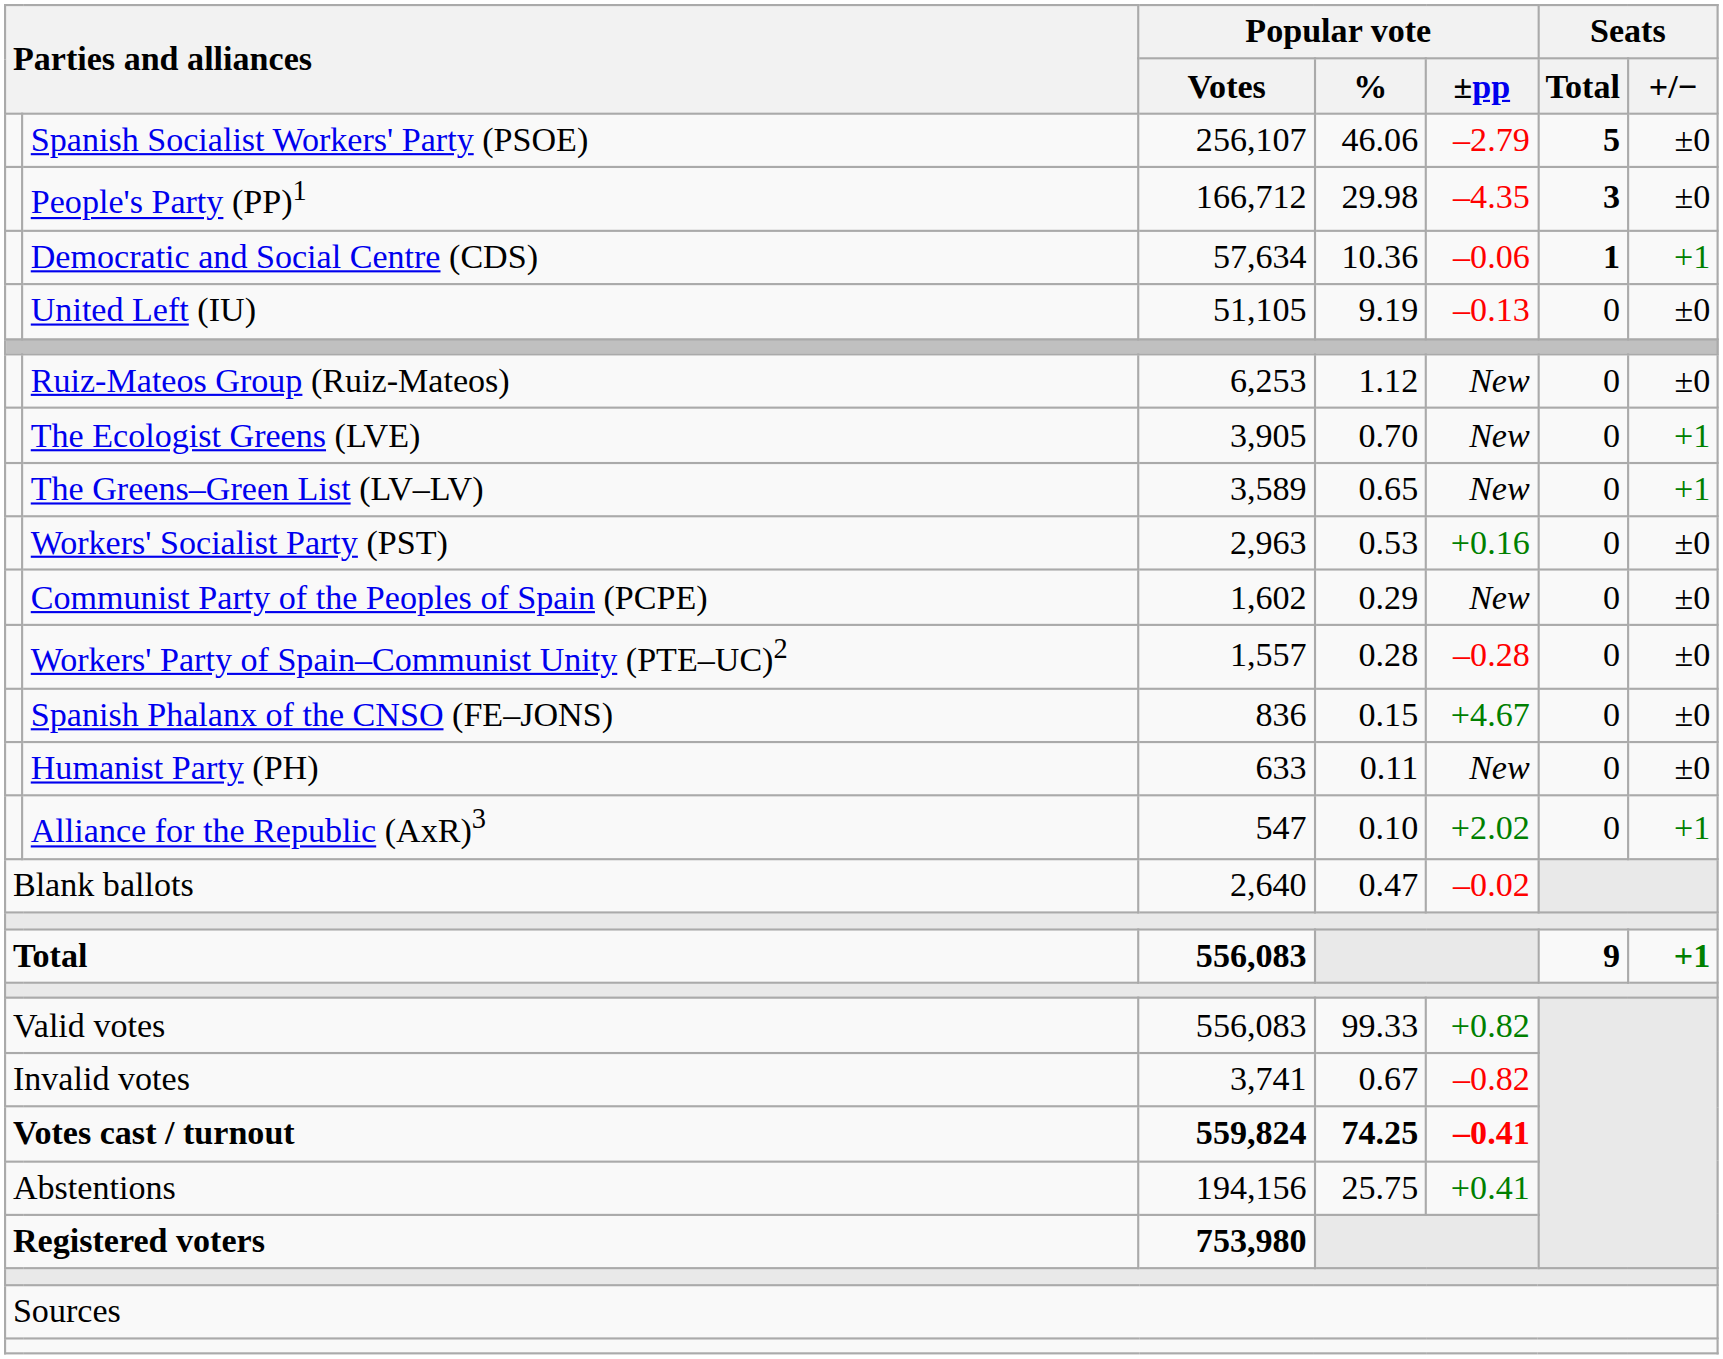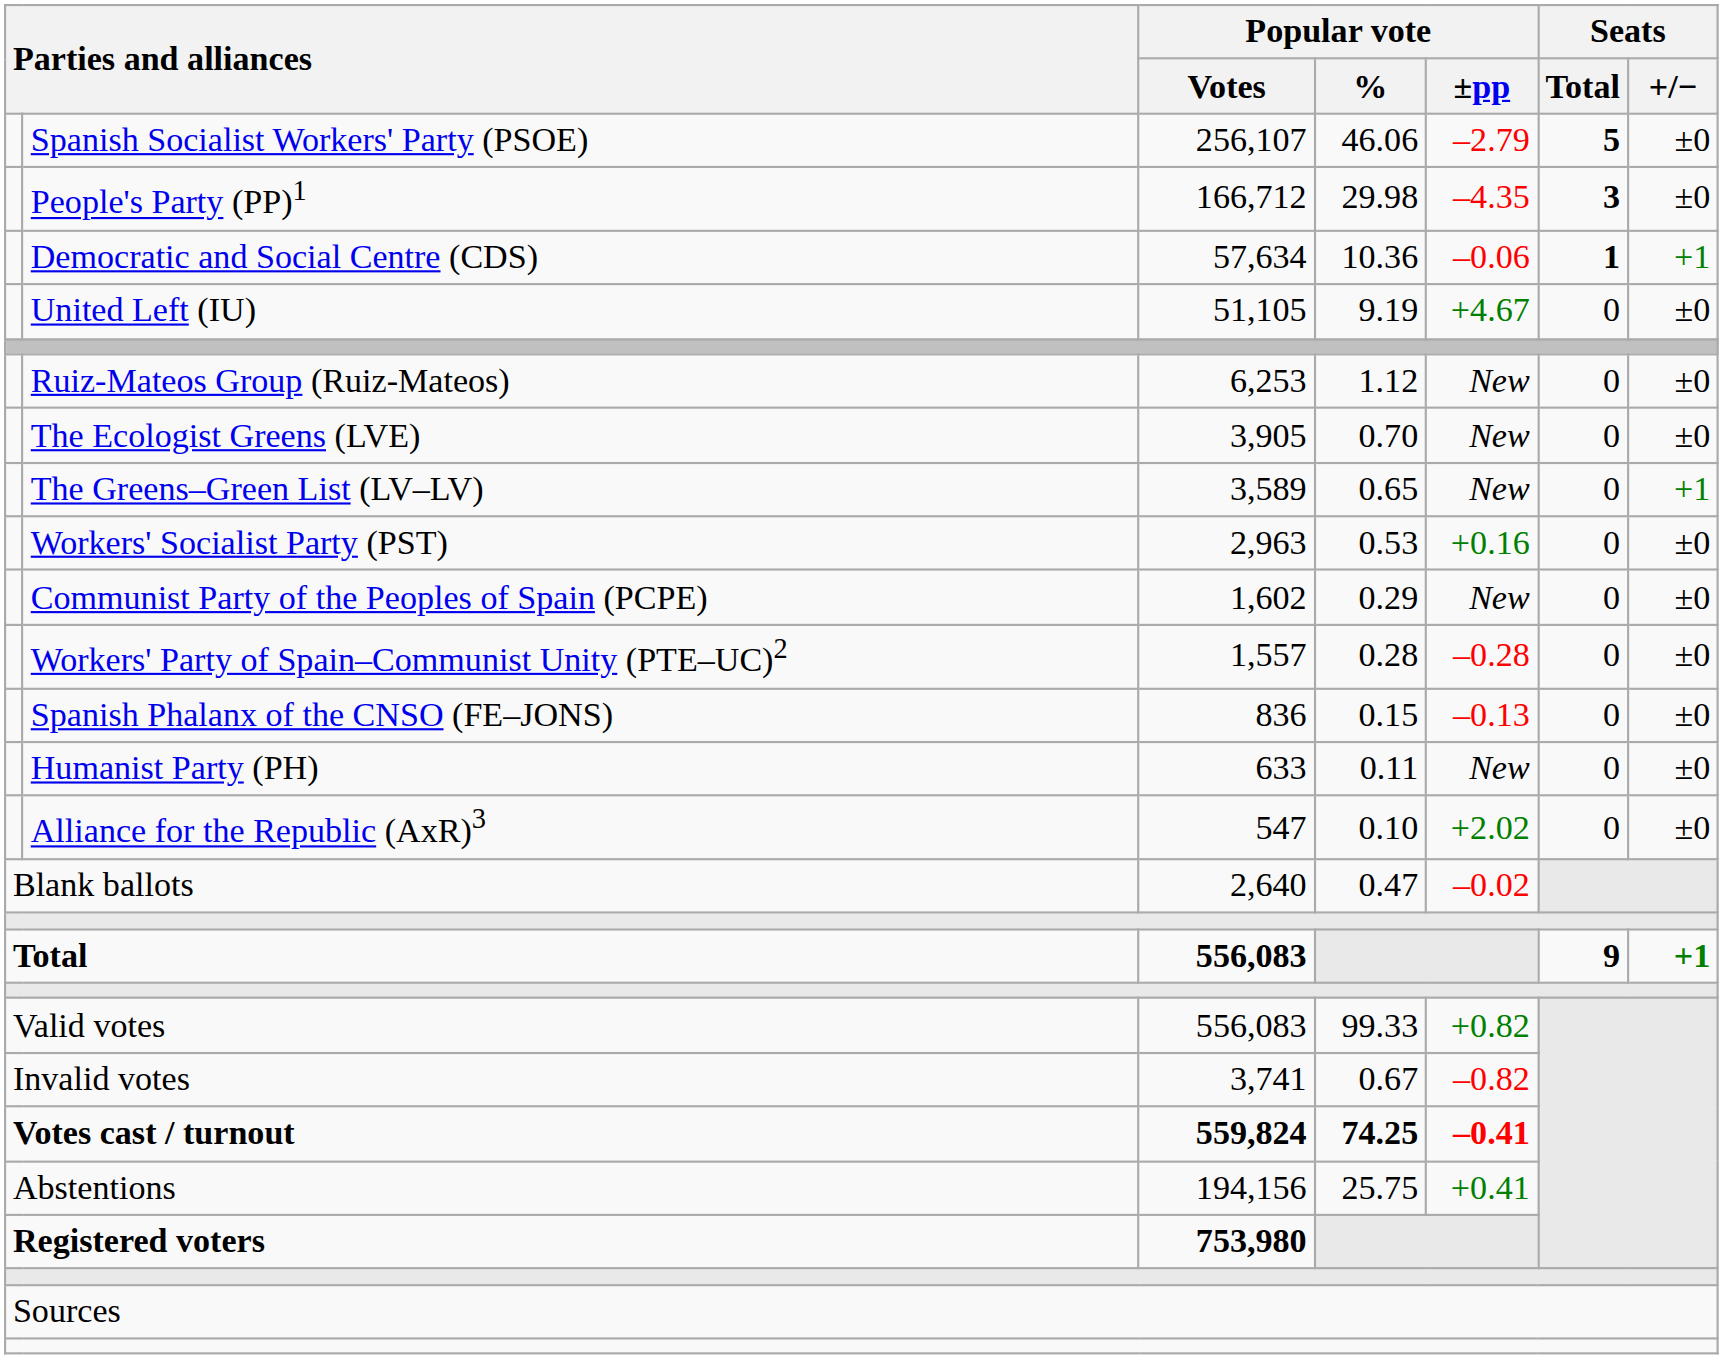 <table class="wikitable" style="text-align:right;">
 <tr>
 <th style="text-align:left;" rowspan="2" colspan="2" width="525">Parties and alliances</th>
 <th colspan="3">Popular vote</th>
 <th colspan="2">Seats</th>
 </tr>
 <tr>
 <th width="75">Votes</th>
 <th width="45">%</th>
 <th width="45">±<a href='#'>pp</a></th>
 <th width="35">Total</th>
 <th width="35">+/−</th>
 </tr>
 <tr>
 <td width="1" style="color:inherit;background:"></td>
 <td align="left"><a href='#'>Spanish Socialist Workers' Party</a> (PSOE)</td>
 <td>256,107</td>
 <td>46.06</td>
 <td style="color:red;">–2.79</td>
 <td><strong>5</strong></td>
 <td>±0</td>
 </tr>
 <tr>
 <td style="color:inherit;background:"></td>
 <td align="left"><a href='#'>People's Party</a> (PP)<sup>1</sup></td>
 <td>166,712</td>
 <td>29.98</td>
 <td style="color:red;">–4.35</td>
 <td><strong>3</strong></td>
 <td>±0</td>
 </tr>
 <tr>
 <td style="color:inherit;background:"></td>
 <td align="left"><a href='#'>Democratic and Social Centre</a> (CDS)</td>
 <td>57,634</td>
 <td>10.36</td>
 <td style="color:red;">–0.06</td>
 <td><strong>1</strong></td>
 <td style="color:green;">+1</td>
 </tr>
 <tr>
 <td style="color:inherit;background:"></td>
 <td align="left"><a href='#'>United Left</a> (IU)</td>
 <td>51,105</td>
 <td>9.19</td>
-<td style="color:red;">–0.13</td>
+<td style="color:green;">+4.67</td>
 <td>0</td>
 <td>±0</td>
 </tr>
 <tr>
 <td colspan="7" bgcolor="#C0C0C0"></td>
 </tr>
 <tr>
 <td style="color:inherit;background:"></td>
 <td align="left"><a href='#'>Ruiz-Mateos Group</a> (Ruiz-Mateos)</td>
 <td>6,253</td>
 <td>1.12</td>
 <td><em>New</em></td>
 <td>0</td>
 <td>±0</td>
 </tr>
 <tr>
 <td style="color:inherit;background:"></td>
 <td align="left"><a href='#'>The Ecologist Greens</a> (LVE)</td>
 <td>3,905</td>
 <td>0.70</td>
 <td><em>New</em></td>
 <td>0</td>
-<td style="color:green;">+1</td>
+<td>±0</td>
 </tr>
 <tr>
 <td style="color:inherit;background:"></td>
 <td align="left"><a href='#'>The Greens–Green List</a> (LV–LV)</td>
 <td>3,589</td>
 <td>0.65</td>
 <td><em>New</em></td>
 <td>0</td>
 <td style="color:green;">+1</td>
 </tr>
 <tr>
 <td style="color:inherit;background:"></td>
 <td align="left"><a href='#'>Workers' Socialist Party</a> (PST)</td>
 <td>2,963</td>
 <td>0.53</td>
 <td style="color:green;">+0.16</td>
 <td>0</td>
 <td>±0</td>
 </tr>
 <tr>
 <td style="color:inherit;background:"></td>
 <td align="left"><a href='#'>Communist Party of the Peoples of Spain</a> (PCPE)</td>
 <td>1,602</td>
 <td>0.29</td>
 <td><em>New</em></td>
 <td>0</td>
 <td>±0</td>
 </tr>
 <tr>
 <td style="color:inherit;background:"></td>
 <td align="left"><a href='#'>Workers' Party of Spain–Communist Unity</a> (PTE–UC)<sup>2</sup></td>
 <td>1,557</td>
 <td>0.28</td>
 <td style="color:red;">–0.28</td>
 <td>0</td>
 <td>±0</td>
 </tr>
 <tr>
 <td style="color:inherit;background:"></td>
 <td align="left"><a href='#'>Spanish Phalanx of the CNSO</a> (FE–JONS)</td>
 <td>836</td>
 <td>0.15</td>
-<td style="color:green;">+4.67</td>
+<td style="color:red;">–0.13</td>
 <td>0</td>
 <td>±0</td>
 </tr>
 <tr>
 <td style="color:inherit;background:"></td>
 <td align="left"><a href='#'>Humanist Party</a> (PH)</td>
 <td>633</td>
 <td>0.11</td>
 <td><em>New</em></td>
 <td>0</td>
 <td>±0</td>
 </tr>
 <tr>
 <td style="color:inherit;background:"></td>
 <td align="left"><a href='#'>Alliance for the Republic</a> (AxR)<sup>3</sup></td>
 <td>547</td>
 <td>0.10</td>
 <td style="color:green;">+2.02</td>
 <td>0</td>
-<td style="color:green;">+1</td>
+<td>±0</td>
 </tr>
 <tr>
 <td align="left" colspan="2">Blank ballots</td>
 <td>2,640</td>
 <td>0.47</td>
 <td style="color:red;">–0.02</td>
 <td bgcolor="#E9E9E9" colspan="2"></td>
 </tr>
 <tr>
 <td colspan="7" bgcolor="#E9E9E9"></td>
 </tr>
 <tr style="font-weight:bold;">
 <td align="left" colspan="2">Total</td>
 <td>556,083</td>
 <td bgcolor="#E9E9E9" colspan="2"></td>
 <td>9</td>
 <td style="color:green;">+1</td>
 </tr>
 <tr>
 <td colspan="7" bgcolor="#E9E9E9"></td>
 </tr>
 <tr>
 <td align="left" colspan="2">Valid votes</td>
 <td>556,083</td>
 <td>99.33</td>
 <td style="color:green;">+0.82</td>
 <td bgcolor="#E9E9E9" colspan="2" rowspan="5"></td>
 </tr>
 <tr>
 <td align="left" colspan="2">Invalid votes</td>
 <td>3,741</td>
 <td>0.67</td>
 <td style="color:red;">–0.82</td>
 </tr>
 <tr style="font-weight:bold;">
 <td align="left" colspan="2">Votes cast / turnout</td>
 <td>559,824</td>
 <td>74.25</td>
 <td style="color:red;">–0.41</td>
 </tr>
 <tr>
 <td align="left" colspan="2">Abstentions</td>
 <td>194,156</td>
 <td>25.75</td>
 <td style="color:green;">+0.41</td>
 </tr>
 <tr style="font-weight:bold;">
 <td align="left" colspan="2">Registered voters</td>
 <td>753,980</td>
 <td bgcolor="#E9E9E9" colspan="2"></td>
 </tr>
 <tr>
 <td colspan="7" bgcolor="#E9E9E9"></td>
 </tr>
 <tr>
 <td align="left" colspan="7">Sources</td>
 </tr>
 <tr>
 <td colspan="7" style="text-align:left; max-width:790px;"></td>
 </tr>
 </table>
